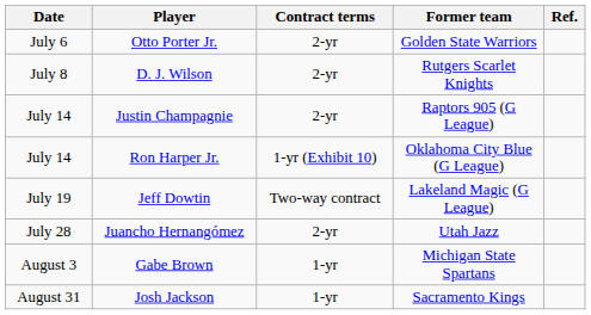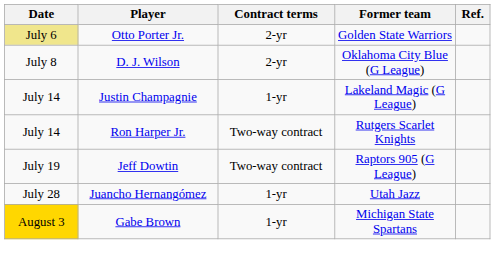 <table class="wikitable sortable sortable" style="text-align: center">
 <tr>
 <th width="5%">Date</th>
 <th width="10%">Player</th>
 <th width="10%">Contract terms</th>
 <th width="10%">Former team</th>
 <th class="unsortable" width="1%">Ref.</th>
 </tr>
 <tr>
-<td>July 6</td>
+<td style="background: khaki;">July 6</td>
 <td><a href='#'>Otto Porter Jr.</a></td>
 <td>2-yr</td>
 <td><a href='#'>Golden State Warriors</a></td>
 <td></td>
 </tr>
 <tr>
 <td>July 8</td>
 <td><a href='#'>D. J. Wilson</a></td>
 <td>2-yr</td>
-<td><a href='#'>Rutgers Scarlet Knights</a></td>
+<td><a href='#'>Oklahoma City Blue</a> (<a href='#'>G League</a>)</td>
 <td></td>
 </tr>
 <tr>
 <td>July 14</td>
 <td><a href='#'>Justin Champagnie</a></td>
-<td>2-yr</td>
-<td><a href='#'>Raptors 905</a> (<a href='#'>G League</a>)</td>
+<td>1-yr</td>
+<td><a href='#'>Lakeland Magic</a> (<a href='#'>G League</a>)</td>
 <td></td>
 </tr>
 <tr>
 <td>July 14</td>
 <td><a href='#'>Ron Harper Jr.</a></td>
-<td>1-yr (<a href='#'>Exhibit 10</a>)</td>
-<td><a href='#'>Oklahoma City Blue</a> (<a href='#'>G League</a>)</td>
+<td>Two-way contract</td>
+<td><a href='#'>Rutgers Scarlet Knights</a></td>
 <td></td>
 </tr>
 <tr>
 <td>July 19</td>
 <td><a href='#'>Jeff Dowtin</a></td>
 <td>Two-way contract</td>
-<td><a href='#'>Lakeland Magic</a> (<a href='#'>G League</a>)</td>
+<td><a href='#'>Raptors 905</a> (<a href='#'>G League</a>)</td>
 <td></td>
 </tr>
 <tr>
 <td>July 28</td>
 <td><a href='#'>Juancho Hernangómez</a></td>
-<td>2-yr</td>
+<td>1-yr</td>
 <td><a href='#'>Utah Jazz</a></td>
 <td></td>
 </tr>
 <tr>
-<td>August 3</td>
+<td style="background: gold;">August 3</td>
 <td><a href='#'>Gabe Brown</a></td>
 <td>1-yr</td>
 <td><a href='#'>Michigan State Spartans</a></td>
 <td></td>
 </tr>
-<tr>
-<td>August 31</td>
-<td><a href='#'>Josh Jackson</a></td>
-<td>1-yr</td>
-<td><a href='#'>Sacramento Kings</a></td>
-<td></td>
-</tr>
 </table>
